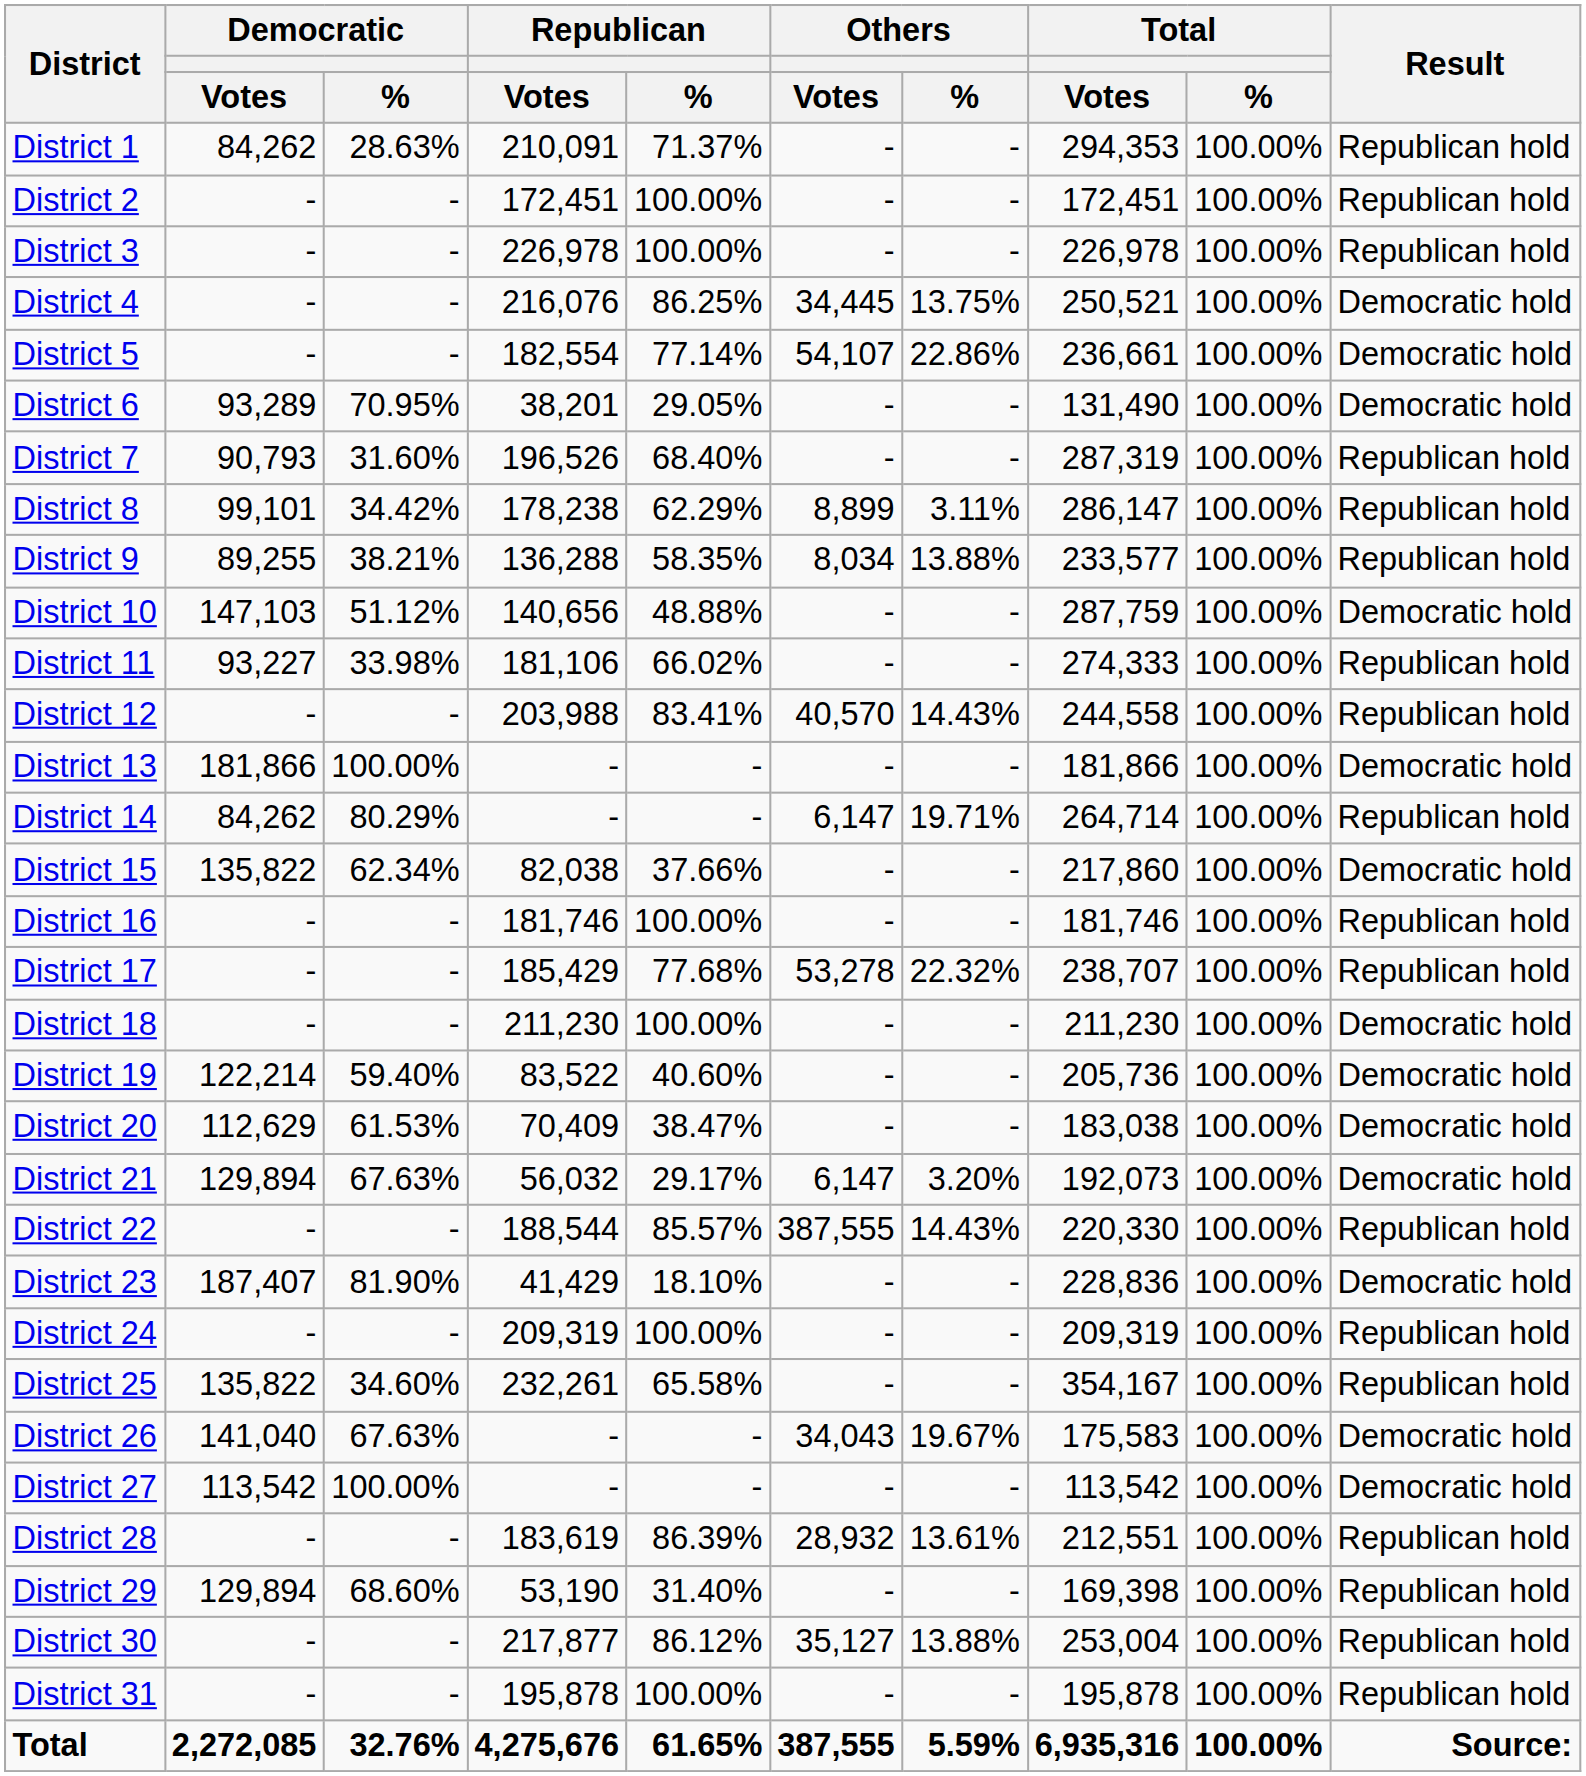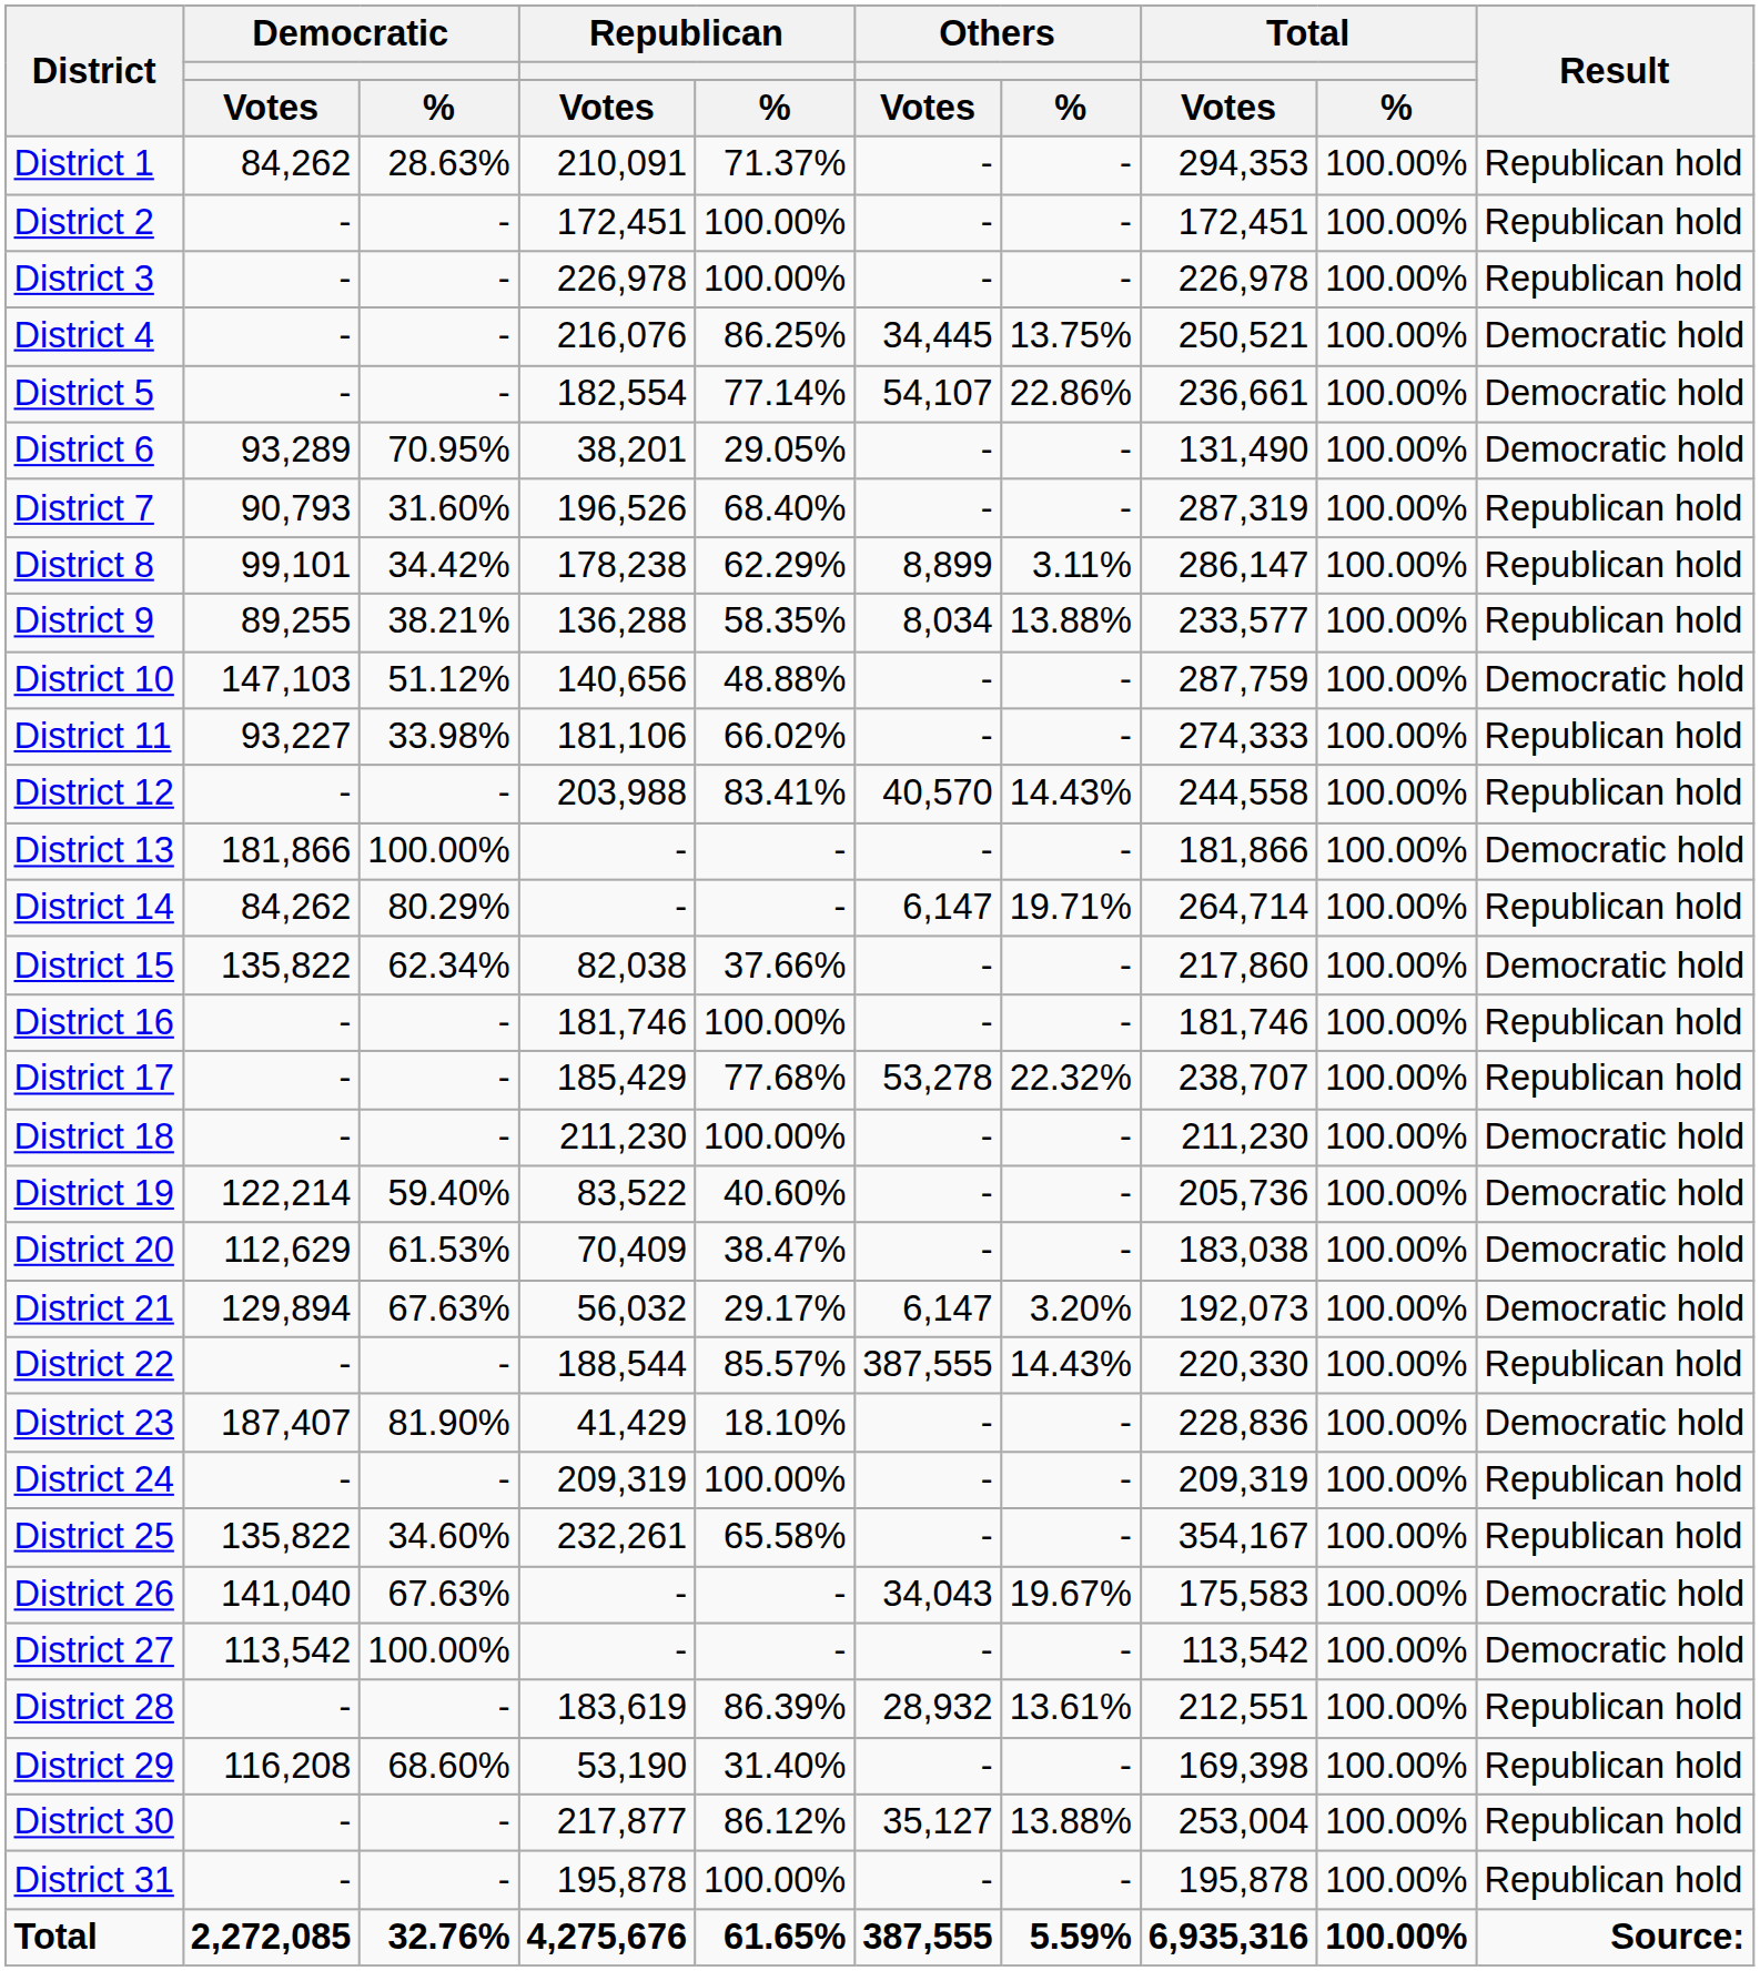 <table class="wikitable plainrowheaders sortable" style="font-size:100%; text-align:right;">
 <tr>
 <th rowspan="3">District</th>
 <th colspan="2">Democratic</th>
 <th colspan="2">Republican</th>
 <th colspan="2">Others</th>
 <th colspan="2">Total</th>
 <th rowspan="3">Result</th>
 </tr>
 <tr>
 <th colspan="2" style="background:"></th>
 <th colspan="2" style="background:"></th>
 <th colspan="2"></th>
 <th colspan="2"></th>
 </tr>
 <tr>
 <th scope=col data-sort-type="number">Votes</th>
 <th scope=col data-sort-type="number">%</th>
 <th scope=col data-sort-type="number">Votes</th>
 <th scope=col data-sort-type="number">%</th>
 <th scope=col data-sort-type="number">Votes</th>
 <th scope=col data-sort-type="number">%</th>
 <th scope=col data-sort-type="number">Votes</th>
 <th scope=col data-sort-type="number">%</th>
 </tr>
 <tr>
 <td align="left"><a href='#'>District 1</a></td>
 <td>84,262</td>
 <td>28.63%</td>
 <td>210,091</td>
 <td>71.37%</td>
 <td>-</td>
 <td>-</td>
 <td>294,353</td>
 <td>100.00%</td>
 <td align="left">Republican hold</td>
 </tr>
 <tr>
 <td align="left"><a href='#'>District 2</a></td>
 <td>-</td>
 <td>-</td>
 <td>172,451</td>
 <td>100.00%</td>
 <td>-</td>
 <td>-</td>
 <td>172,451</td>
 <td>100.00%</td>
 <td align="left">Republican hold</td>
 </tr>
 <tr>
 <td align="left"><a href='#'>District 3</a></td>
 <td>-</td>
 <td>-</td>
 <td>226,978</td>
 <td>100.00%</td>
 <td>-</td>
 <td>-</td>
 <td>226,978</td>
 <td>100.00%</td>
 <td align="left">Republican hold</td>
 </tr>
 <tr>
 <td align="left"><a href='#'>District 4</a></td>
 <td>-</td>
 <td>-</td>
 <td>216,076</td>
 <td>86.25%</td>
 <td>34,445</td>
 <td>13.75%</td>
 <td>250,521</td>
 <td>100.00%</td>
 <td align="left">Democratic hold</td>
 </tr>
 <tr>
 <td align="left"><a href='#'>District 5</a></td>
 <td>-</td>
 <td>-</td>
 <td>182,554</td>
 <td>77.14%</td>
 <td>54,107</td>
 <td>22.86%</td>
 <td>236,661</td>
 <td>100.00%</td>
 <td align="left">Democratic hold</td>
 </tr>
 <tr>
 <td align="left"><a href='#'>District 6</a></td>
 <td>93,289</td>
 <td>70.95%</td>
 <td>38,201</td>
 <td>29.05%</td>
 <td>-</td>
 <td>-</td>
 <td>131,490</td>
 <td>100.00%</td>
 <td align="left">Democratic hold</td>
 </tr>
 <tr>
 <td align="left"><a href='#'>District 7</a></td>
 <td>90,793</td>
 <td>31.60%</td>
 <td>196,526</td>
 <td>68.40%</td>
 <td>-</td>
 <td>-</td>
 <td>287,319</td>
 <td>100.00%</td>
 <td align="left">Republican hold</td>
 </tr>
 <tr>
 <td align="left"><a href='#'>District 8</a></td>
 <td>99,101</td>
 <td>34.42%</td>
 <td>178,238</td>
 <td>62.29%</td>
 <td>8,899</td>
 <td>3.11%</td>
 <td>286,147</td>
 <td>100.00%</td>
 <td align="left">Republican hold</td>
 </tr>
 <tr>
 <td align="left"><a href='#'>District 9</a></td>
 <td>89,255</td>
 <td>38.21%</td>
 <td>136,288</td>
 <td>58.35%</td>
 <td>8,034</td>
 <td>13.88%</td>
 <td>233,577</td>
 <td>100.00%</td>
 <td align="left">Republican hold</td>
 </tr>
 <tr>
 <td align="left"><a href='#'>District 10</a></td>
 <td>147,103</td>
 <td>51.12%</td>
 <td>140,656</td>
 <td>48.88%</td>
 <td>-</td>
 <td>-</td>
 <td>287,759</td>
 <td>100.00%</td>
 <td align="left">Democratic hold</td>
 </tr>
 <tr>
 <td align="left"><a href='#'>District 11</a></td>
 <td>93,227</td>
 <td>33.98%</td>
 <td>181,106</td>
 <td>66.02%</td>
 <td>-</td>
 <td>-</td>
 <td>274,333</td>
 <td>100.00%</td>
 <td align="left">Republican hold</td>
 </tr>
 <tr>
 <td align="left"><a href='#'>District 12</a></td>
 <td>-</td>
 <td>-</td>
 <td>203,988</td>
 <td>83.41%</td>
 <td>40,570</td>
 <td>14.43%</td>
 <td>244,558</td>
 <td>100.00%</td>
 <td align="left">Republican hold</td>
 </tr>
 <tr>
 <td align="left"><a href='#'>District 13</a></td>
 <td>181,866</td>
 <td>100.00%</td>
 <td>-</td>
 <td>-</td>
 <td>-</td>
 <td>-</td>
 <td>181,866</td>
 <td>100.00%</td>
 <td align="left">Democratic hold</td>
 </tr>
 <tr>
 <td align="left"><a href='#'>District 14</a></td>
 <td>84,262</td>
 <td>80.29%</td>
 <td>-</td>
 <td>-</td>
 <td>6,147</td>
 <td>19.71%</td>
 <td>264,714</td>
 <td>100.00%</td>
 <td align="left">Republican hold</td>
 </tr>
 <tr>
 <td align="left"><a href='#'>District 15</a></td>
 <td>135,822</td>
 <td>62.34%</td>
 <td>82,038</td>
 <td>37.66%</td>
 <td>-</td>
 <td>-</td>
 <td>217,860</td>
 <td>100.00%</td>
 <td align="left">Democratic hold</td>
 </tr>
 <tr>
 <td align="left"><a href='#'>District 16</a></td>
 <td>-</td>
 <td>-</td>
 <td>181,746</td>
 <td>100.00%</td>
 <td>-</td>
 <td>-</td>
 <td>181,746</td>
 <td>100.00%</td>
 <td align="left">Republican hold</td>
 </tr>
 <tr>
 <td align="left"><a href='#'>District 17</a></td>
 <td>-</td>
 <td>-</td>
 <td>185,429</td>
 <td>77.68%</td>
 <td>53,278</td>
 <td>22.32%</td>
 <td>238,707</td>
 <td>100.00%</td>
 <td align="left">Republican hold</td>
 </tr>
 <tr>
 <td align="left"><a href='#'>District 18</a></td>
 <td>-</td>
 <td>-</td>
 <td>211,230</td>
 <td>100.00%</td>
 <td>-</td>
 <td>-</td>
 <td>211,230</td>
 <td>100.00%</td>
 <td align="left">Democratic hold</td>
 </tr>
 <tr>
 <td align="left"><a href='#'>District 19</a></td>
 <td>122,214</td>
 <td>59.40%</td>
 <td>83,522</td>
 <td>40.60%</td>
 <td>-</td>
 <td>-</td>
 <td>205,736</td>
 <td>100.00%</td>
 <td align="left">Democratic hold</td>
 </tr>
 <tr>
 <td align="left"><a href='#'>District 20</a></td>
 <td>112,629</td>
 <td>61.53%</td>
 <td>70,409</td>
 <td>38.47%</td>
 <td>-</td>
 <td>-</td>
 <td>183,038</td>
 <td>100.00%</td>
 <td align="left">Democratic hold</td>
 </tr>
 <tr>
 <td align="left"><a href='#'>District 21</a></td>
 <td>129,894</td>
 <td>67.63%</td>
 <td>56,032</td>
 <td>29.17%</td>
 <td>6,147</td>
 <td>3.20%</td>
 <td>192,073</td>
 <td>100.00%</td>
 <td align="left">Democratic hold</td>
 </tr>
 <tr>
 <td align="left"><a href='#'>District 22</a></td>
 <td>-</td>
 <td>-</td>
 <td>188,544</td>
 <td>85.57%</td>
 <td>387,555</td>
 <td>14.43%</td>
 <td>220,330</td>
 <td>100.00%</td>
 <td align="left">Republican hold</td>
 </tr>
 <tr>
 <td align="left"><a href='#'>District 23</a></td>
 <td>187,407</td>
 <td>81.90%</td>
 <td>41,429</td>
 <td>18.10%</td>
 <td>-</td>
 <td>-</td>
 <td>228,836</td>
 <td>100.00%</td>
 <td align="left">Democratic hold</td>
 </tr>
 <tr>
 <td align="left"><a href='#'>District 24</a></td>
 <td>-</td>
 <td>-</td>
 <td>209,319</td>
 <td>100.00%</td>
 <td>-</td>
 <td>-</td>
 <td>209,319</td>
 <td>100.00%</td>
 <td align="left">Republican hold</td>
 </tr>
 <tr>
 <td align="left"><a href='#'>District 25</a></td>
 <td>135,822</td>
 <td>34.60%</td>
 <td>232,261</td>
 <td>65.58%</td>
 <td>-</td>
 <td>-</td>
 <td>354,167</td>
 <td>100.00%</td>
 <td align="left">Republican hold</td>
 </tr>
 <tr>
 <td align="left"><a href='#'>District 26</a></td>
 <td>141,040</td>
 <td>67.63%</td>
 <td>-</td>
 <td>-</td>
 <td>34,043</td>
 <td>19.67%</td>
 <td>175,583</td>
 <td>100.00%</td>
 <td align="left">Democratic hold</td>
 </tr>
 <tr>
 <td align="left"><a href='#'>District 27</a></td>
 <td>113,542</td>
 <td>100.00%</td>
 <td>-</td>
 <td>-</td>
 <td>-</td>
 <td>-</td>
 <td>113,542</td>
 <td>100.00%</td>
 <td align="left">Democratic hold</td>
 </tr>
 <tr>
 <td align="left"><a href='#'>District 28</a></td>
 <td>-</td>
 <td>-</td>
 <td>183,619</td>
 <td>86.39%</td>
 <td>28,932</td>
 <td>13.61%</td>
 <td>212,551</td>
 <td>100.00%</td>
 <td align="left">Republican hold</td>
 </tr>
 <tr>
 <td align="left"><a href='#'>District 29</a></td>
-<td>129,894</td>
+<td>116,208</td>
 <td>68.60%</td>
 <td>53,190</td>
 <td>31.40%</td>
 <td>-</td>
 <td>-</td>
 <td>169,398</td>
 <td>100.00%</td>
 <td align="left">Republican hold</td>
 </tr>
 <tr>
 <td align="left"><a href='#'>District 30</a></td>
 <td>-</td>
 <td>-</td>
 <td>217,877</td>
 <td>86.12%</td>
 <td>35,127</td>
 <td>13.88%</td>
 <td>253,004</td>
 <td>100.00%</td>
 <td align="left">Republican hold</td>
 </tr>
 <tr>
 <td align="left"><a href='#'>District 31</a></td>
 <td>-</td>
 <td>-</td>
 <td>195,878</td>
 <td>100.00%</td>
 <td>-</td>
 <td>-</td>
 <td>195,878</td>
 <td>100.00%</td>
 <td align="left">Republican hold</td>
 </tr>
 <tr class="sortbottom" style="font-weight:bold">
 <td align="left">Total</td>
 <td>2,272,085</td>
 <td>32.76%</td>
 <td>4,275,676</td>
 <td>61.65%</td>
 <td>387,555</td>
 <td>5.59%</td>
 <td>6,935,316</td>
 <td>100.00%</td>
 <td>Source:</td>
 </tr>
 </table>
